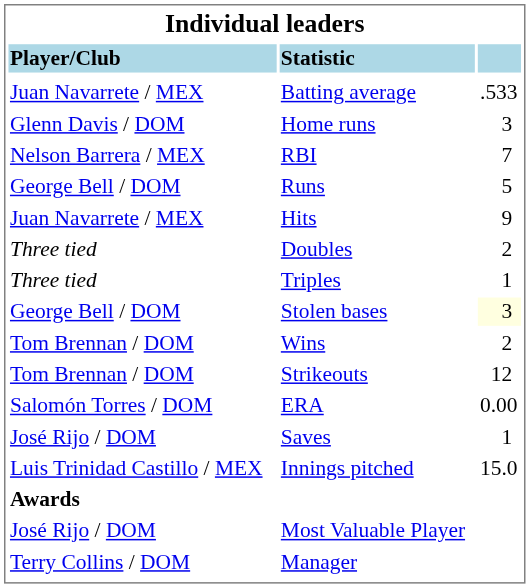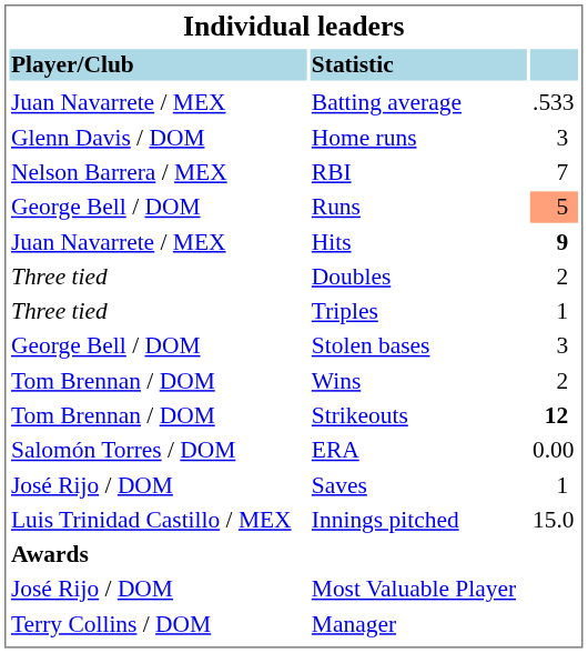 <table cellpadding="1" width="350px" style="font-size: 90%; border: 1px solid gray;">
 <tr align="center" style="font-size: larger;">
 <td colspan=6><strong>Individual leaders</strong></td>
 </tr>
 <tr style="background:lightblue;">
 <td><strong>Player/Club</strong></td>
 <td><strong>Statistic</strong></td>
 <td></td>
 </tr>
 <tr align="center" style="vertical-align: middle;" style="background:lightblue;">
 </tr>
 <tr>
 <td><a href='#'>Juan Navarrete</a> / <a href='#'>MEX</a></td>
 <td><a href='#'>Batting average</a></td>
 <td>.533</td>
 </tr>
 <tr>
 <td><a href='#'>Glenn Davis</a> / <a href='#'>DOM</a></td>
 <td><a href='#'>Home runs</a></td>
 <td>     3</td>
 </tr>
 <tr>
 <td><a href='#'>Nelson Barrera</a> / <a href='#'>MEX</a></td>
 <td><a href='#'>RBI</a></td>
 <td>     7</td>
 </tr>
 <tr>
 <td><a href='#'>George Bell</a> / <a href='#'>DOM</a></td>
 <td><a href='#'>Runs</a></td>
-<td>     5</td>
+<td style="background: lightsalmon;">     5</td>
 </tr>
 <tr>
 <td><a href='#'>Juan Navarrete</a> / <a href='#'>MEX</a></td>
 <td><a href='#'>Hits</a></td>
-<td>    9</td>
+<td><strong>    9</strong></td>
 </tr>
 <tr>
 <td><em>Three tied</em></td>
 <td><a href='#'>Doubles</a></td>
 <td>     2</td>
 </tr>
 <tr>
 <td><em>Three tied</em></td>
 <td><a href='#'>Triples</a></td>
 <td>    1</td>
 </tr>
 <tr>
 <td><a href='#'>George Bell</a> / <a href='#'>DOM</a></td>
 <td><a href='#'>Stolen bases</a></td>
-<td style="background: lightyellow;">     3</td>
+<td>     3</td>
 </tr>
 <tr>
 <td><a href='#'>Tom Brennan</a> / <a href='#'>DOM</a></td>
 <td><a href='#'>Wins</a></td>
 <td>    2</td>
 </tr>
 <tr>
 <td><a href='#'>Tom Brennan</a> / <a href='#'>DOM</a></td>
 <td><a href='#'>Strikeouts</a></td>
-<td>  12</td>
+<td><strong>  12</strong></td>
 </tr>
 <tr>
 <td><a href='#'>Salomón Torres</a> / <a href='#'>DOM</a></td>
 <td><a href='#'>ERA</a></td>
 <td>0.00</td>
 </tr>
 <tr>
 <td><a href='#'>José Rijo</a> / <a href='#'>DOM</a></td>
 <td><a href='#'>Saves</a></td>
 <td>     1</td>
 </tr>
 <tr>
 <td><a href='#'>Luis Trinidad Castillo</a> / <a href='#'>MEX</a></td>
 <td><a href='#'>Innings pitched</a></td>
 <td>15.0</td>
 </tr>
 <tr>
 <td><strong>Awards</strong></td>
 </tr>
 <tr>
 <td><a href='#'>José Rijo</a> / <a href='#'>DOM</a></td>
 <td><a href='#'>Most Valuable Player</a></td>
 </tr>
 <tr>
 <td><a href='#'>Terry Collins</a> / <a href='#'>DOM</a></td>
 <td><a href='#'>Manager</a></td>
 </tr>
 <tr>
 </tr>
 </table>
